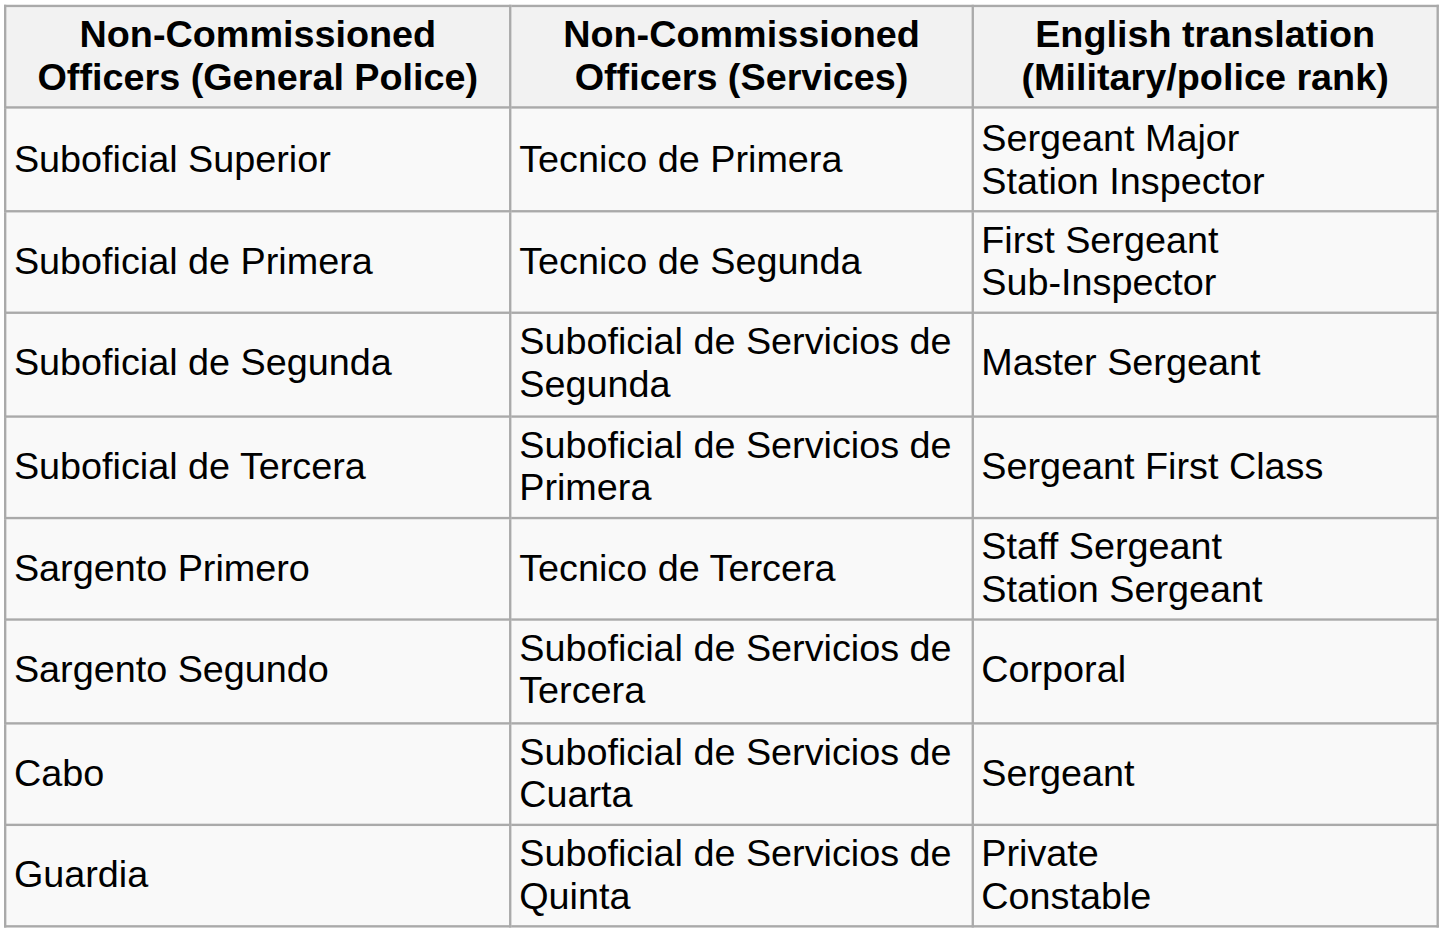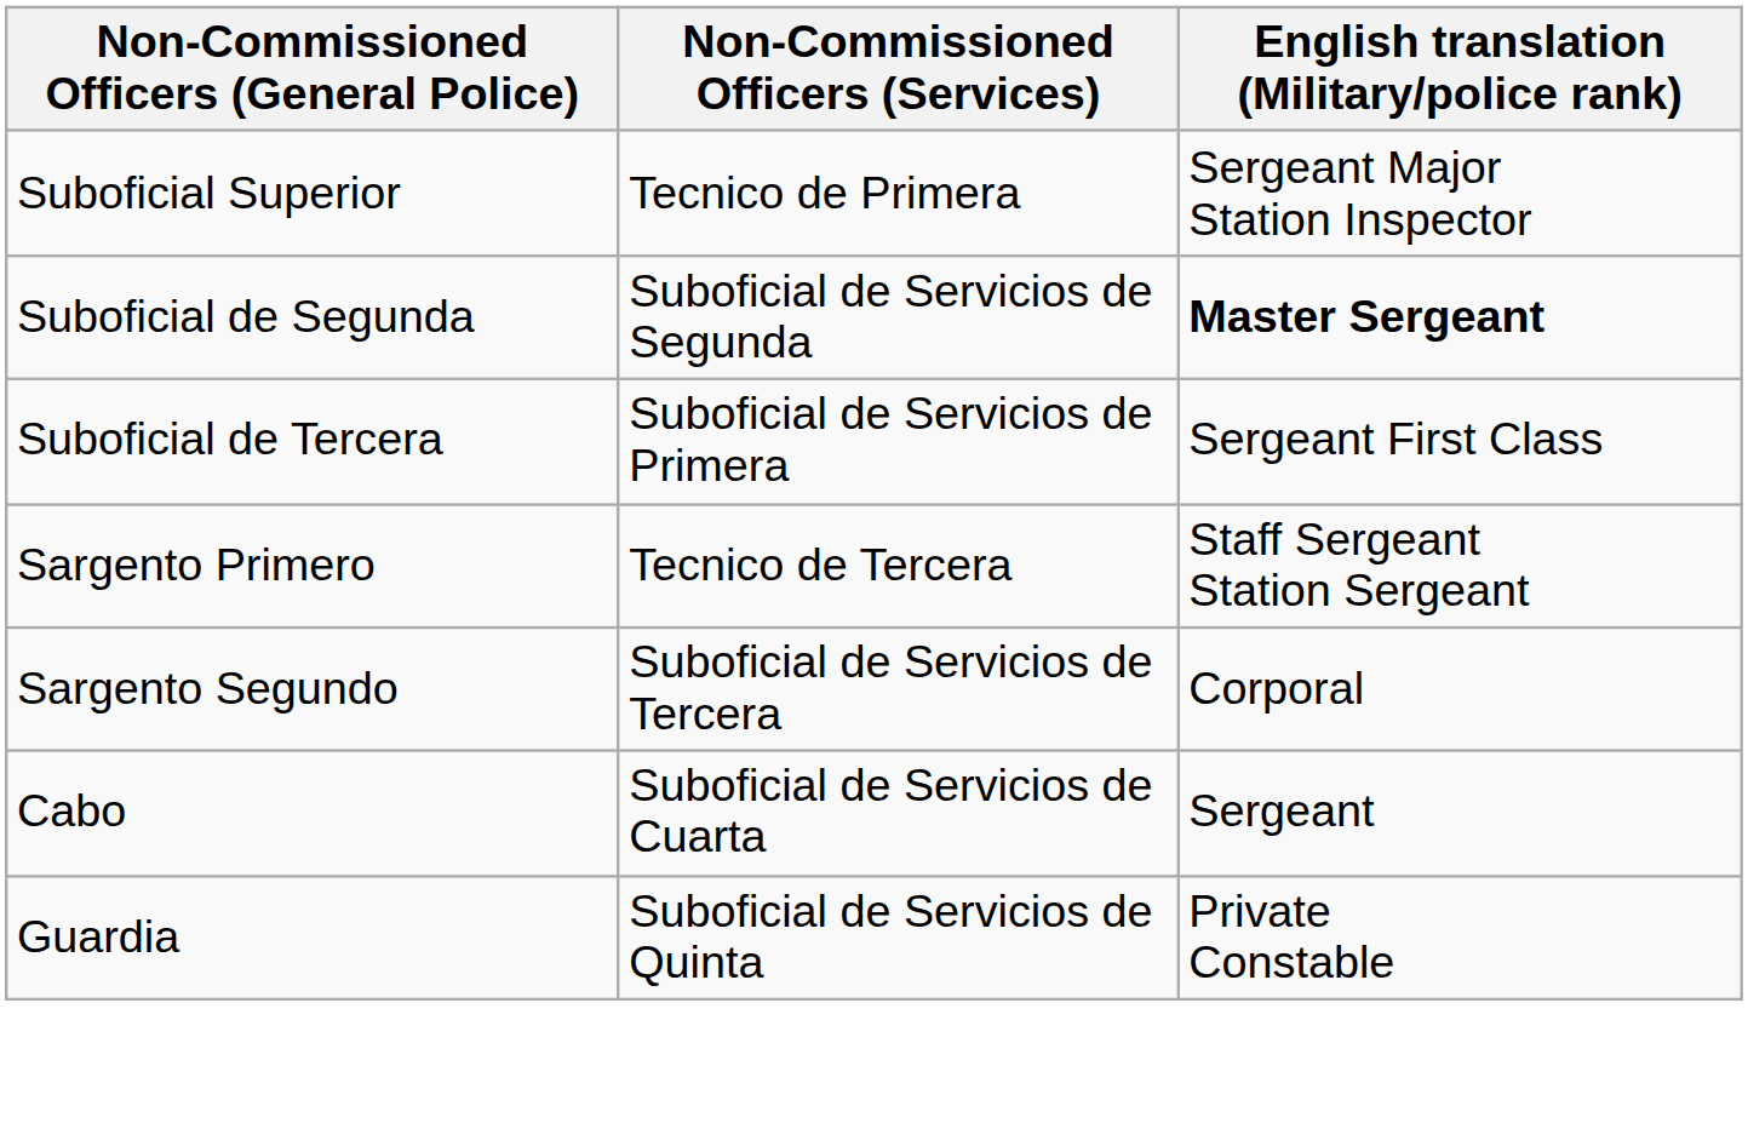 <table class="wikitable" style="display: inline-table;">
 <tr>
 <th>Non-Commissioned Officers (General Police)</th>
 <th>Non-Commissioned Officers (Services)</th>
 <th>English translation (Military/police rank)</th>
 </tr>
 <tr>
 <td>Suboficial Superior</td>
 <td>Tecnico de Primera</td>
 <td>Sergeant Major<br>Station Inspector</td>
 </tr>
 <tr>
-<td>Suboficial de Primera</td>
-<td>Tecnico de Segunda</td>
-<td>First Sergeant<br>Sub-Inspector</td>
-</tr>
-<tr>
 <td>Suboficial de Segunda</td>
 <td>Suboficial de Servicios de Segunda</td>
-<td>Master Sergeant</td>
+<td><strong>Master Sergeant</strong></td>
 </tr>
 <tr>
 <td>Suboficial de Tercera</td>
 <td>Suboficial de Servicios de Primera</td>
 <td>Sergeant First Class</td>
 </tr>
 <tr>
 <td>Sargento Primero</td>
 <td>Tecnico de Tercera</td>
 <td>Staff Sergeant<br>Station Sergeant</td>
 </tr>
 <tr>
 <td>Sargento Segundo</td>
 <td>Suboficial de Servicios de Tercera</td>
 <td>Corporal</td>
 </tr>
 <tr>
 <td>Cabo</td>
 <td>Suboficial de Servicios de Cuarta</td>
 <td>Sergeant</td>
 </tr>
 <tr>
 <td>Guardia</td>
 <td>Suboficial de Servicios de Quinta</td>
 <td>Private<br>Constable</td>
 </tr>
 </table>
